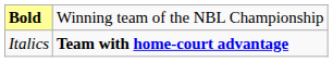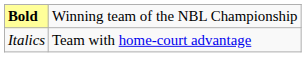 <table class="wikitable">
 <tr>
 <td bgcolor=#FFFF99><strong>Bold</strong></td>
 <td>Winning team of the NBL Championship</td>
 </tr>
 <tr>
 <td><em>Italics</em></td>
-<td><strong>Team with <a href='#'>home-court advantage</a></strong></td>
+<td>Team with <a href='#'>home-court advantage</a></td>
 </tr>
 </table>
